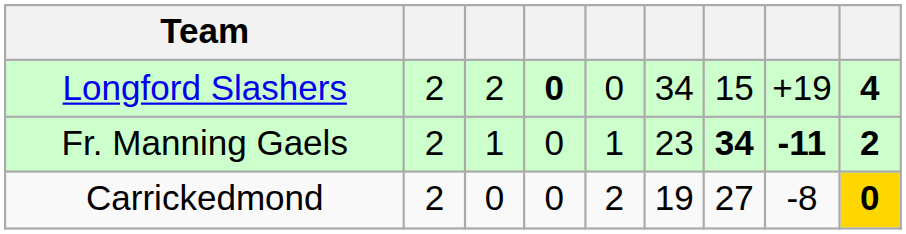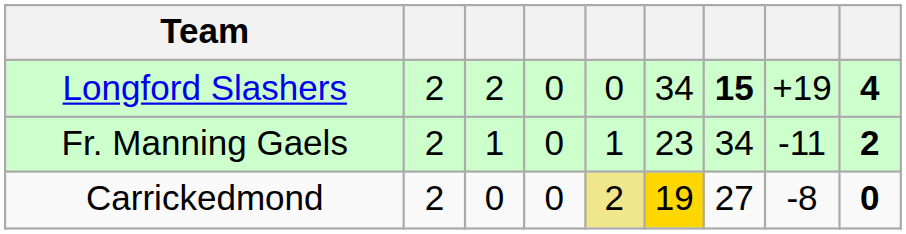 <table class="wikitable" style="text-align:center">
 <tr>
 <th style="width:175px;">Team</th>
 <th width="20"></th>
 <th width="20"></th>
 <th width="20"></th>
 <th width="20"></th>
 <th width="20"></th>
 <th width="20"></th>
 <th width="20"></th>
 <th width="20"></th>
 </tr>
 <tr style="background:#cfc;">
 <td><a href='#'>Longford Slashers</a></td>
 <td>2</td>
 <td>2</td>
-<td><strong>0</strong></td>
+<td>0</td>
 <td>0</td>
 <td>34</td>
-<td>15</td>
+<td><strong>15</strong></td>
 <td>+19</td>
 <td><strong>4</strong></td>
 </tr>
 <tr style="background:#cfc;">
 <td>Fr. Manning Gaels</td>
 <td>2</td>
 <td>1</td>
 <td>0</td>
 <td>1</td>
 <td>23</td>
-<td><strong>34</strong></td>
-<td><strong>-11</strong></td>
+<td>34</td>
+<td>-11</td>
 <td><strong>2</strong></td>
 </tr>
 <tr>
 <td>Carrickedmond</td>
 <td>2</td>
 <td>0</td>
 <td>0</td>
-<td>2</td>
-<td>19</td>
+<td style="background: khaki;">2</td>
+<td style="background: gold;">19</td>
 <td>27</td>
 <td>-8</td>
-<td style="background: gold;"><strong>0</strong></td>
+<td><strong>0</strong></td>
 </tr>
 </table>
